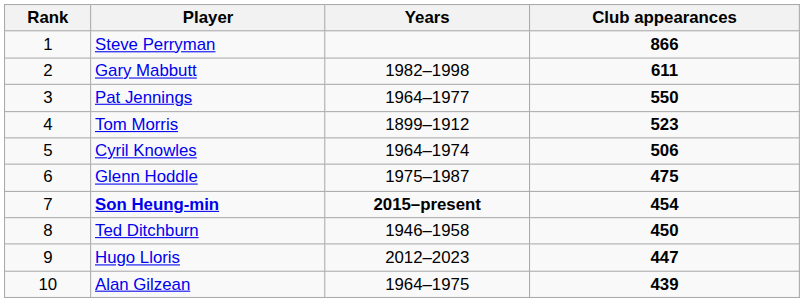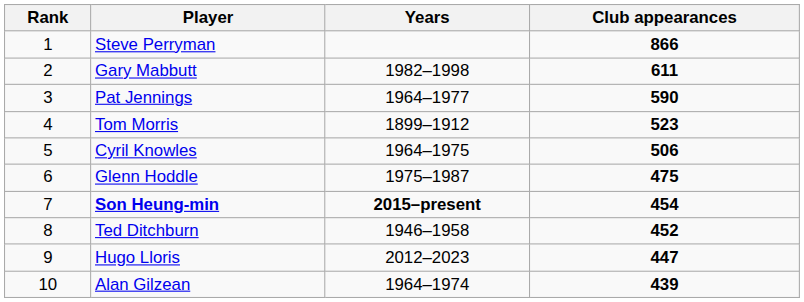 <table class="wikitable sortable" style="width:60%; align:center; text-align:center">
 <tr>
 <th>Rank</th>
 <th>Player</th>
 <th>Years</th>
 <th>Club appearances</th>
 </tr>
 <tr>
 <td align="centre">1</td>
 <td align="left"> <a href='#'>Steve Perryman</a></td>
 <td></td>
 <td><strong>866</strong></td>
 </tr>
 <tr>
 <td align="centre">2</td>
 <td align="left"> <a href='#'>Gary Mabbutt</a></td>
 <td>1982–1998</td>
 <td><strong>611</strong></td>
 </tr>
 <tr>
 <td align="centre">3</td>
 <td align="left"> <a href='#'>Pat Jennings</a></td>
 <td>1964–1977</td>
-<td><strong>550</strong></td>
+<td><strong>590</strong></td>
 </tr>
 <tr>
 <td align="centre">4</td>
 <td align="left"> <a href='#'>Tom Morris</a></td>
 <td>1899–1912</td>
 <td><strong>523</strong></td>
 </tr>
 <tr>
 <td align="centre">5</td>
 <td align="left"> <a href='#'>Cyril Knowles</a></td>
-<td>1964–1974</td>
+<td>1964–1975</td>
 <td><strong>506</strong></td>
 </tr>
 <tr>
 <td align="centre">6</td>
 <td align="left"> <a href='#'>Glenn Hoddle</a></td>
 <td>1975–1987</td>
 <td><strong>475</strong></td>
 </tr>
 <tr>
 <td align="centre">7</td>
 <td align="left"> <strong><a href='#'>Son Heung-min</a></strong></td>
 <td><strong>2015–present</strong></td>
 <td><strong>454</strong></td>
 </tr>
 <tr>
 <td align="centre">8</td>
 <td align="left"> <a href='#'>Ted Ditchburn</a></td>
 <td>1946–1958</td>
-<td><strong>450</strong></td>
+<td><strong>452</strong></td>
 </tr>
 <tr>
 <td align="centre">9</td>
 <td align="left"> <a href='#'>Hugo Lloris</a></td>
 <td>2012–2023</td>
 <td><strong>447</strong></td>
 </tr>
 <tr>
 <td align="centre">10</td>
 <td align="left"> <a href='#'>Alan Gilzean</a></td>
-<td>1964–1975</td>
+<td>1964–1974</td>
 <td><strong>439</strong></td>
 </tr>
 </table>
